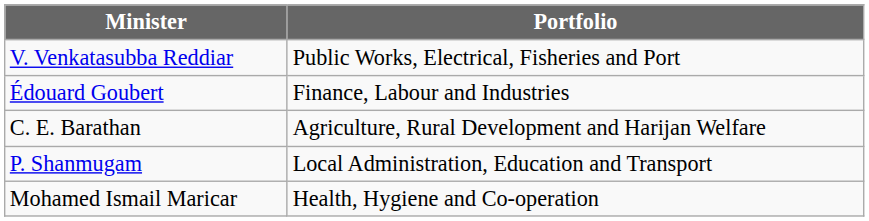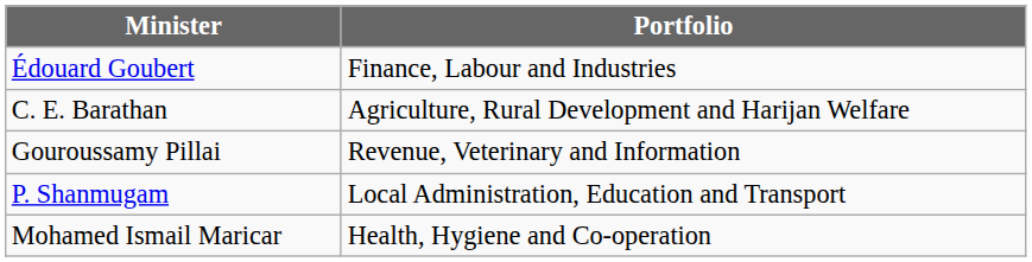 <table class="wikitable" width="70%" style="font-size: x-big; font-family: verdana">
 <tr>
 <th style="background-color:#666666; color:white">Minister</th>
 <th style="background-color:#666666; color:white">Portfolio</th>
-</tr>
-<tr -->
-<td><a href='#'>V. Venkatasubba Reddiar</a><br></td>
-<td>Public Works, Electrical, Fisheries and Port</td>
 </tr>
 <tr -->
 <td><a href='#'>Édouard Goubert</a></td>
 <td>Finance, Labour and Industries</td>
 </tr>
 <tr -->
 <td>C. E. Barathan</td>
 <td>Agriculture, Rural Development and Harijan Welfare</td>
 </tr>
 <tr -->
+<td>Gouroussamy Pillai<br></td>
+<td>Revenue, Veterinary and Information</td>
+</tr>
+<tr -->
 <td><a href='#'>P. Shanmugam</a><br></td>
 <td>Local Administration, Education and Transport</td>
 </tr>
 <tr -->
 <td>Mohamed Ismail Maricar<br></td>
 <td>Health, Hygiene and Co-operation</td>
 </tr>
 </table>
